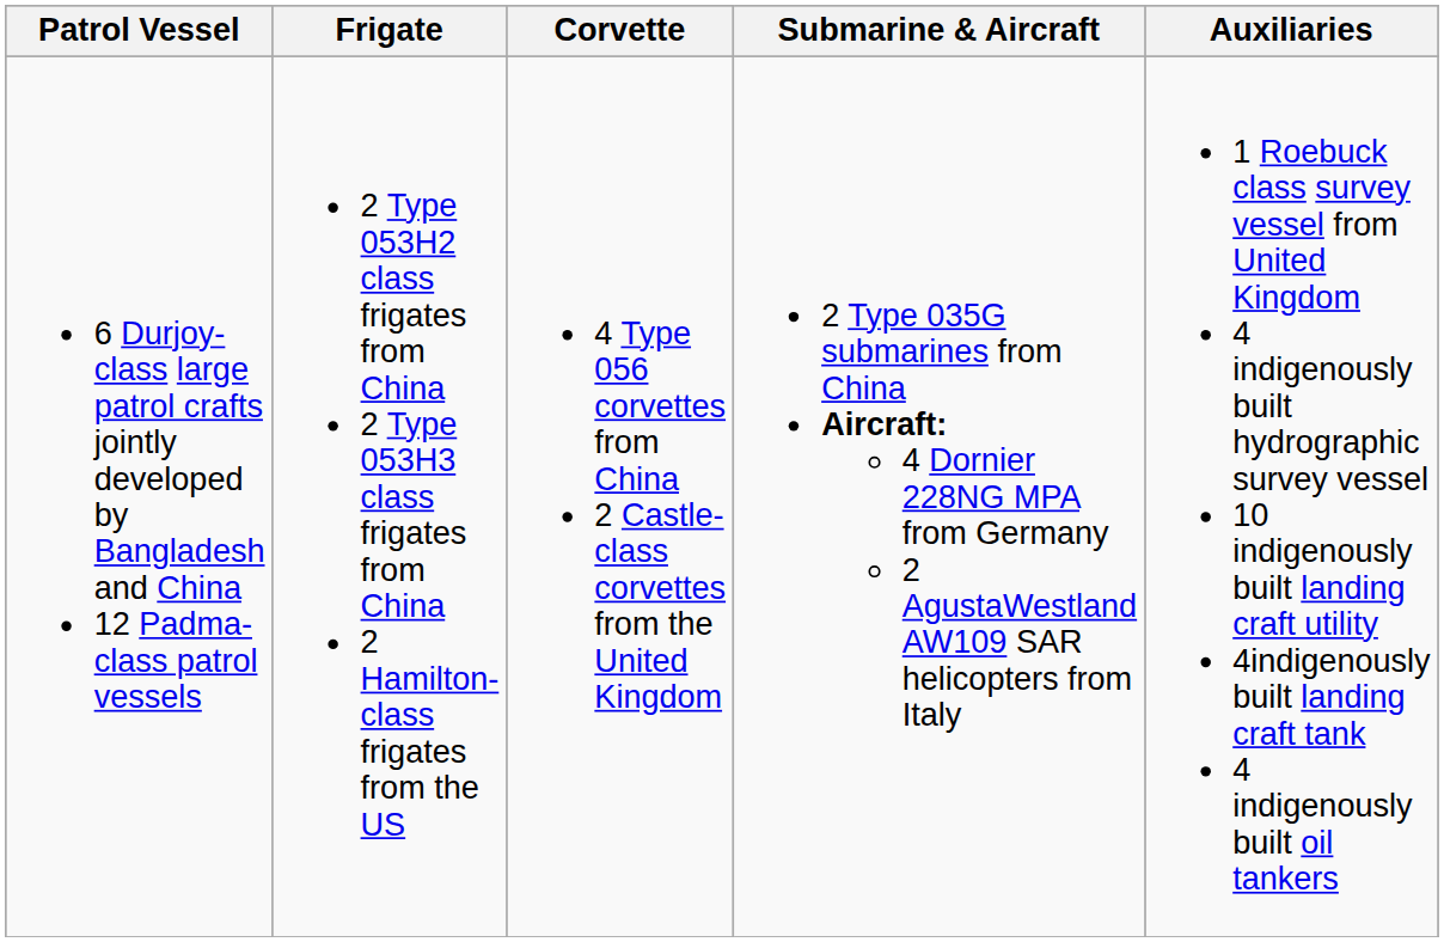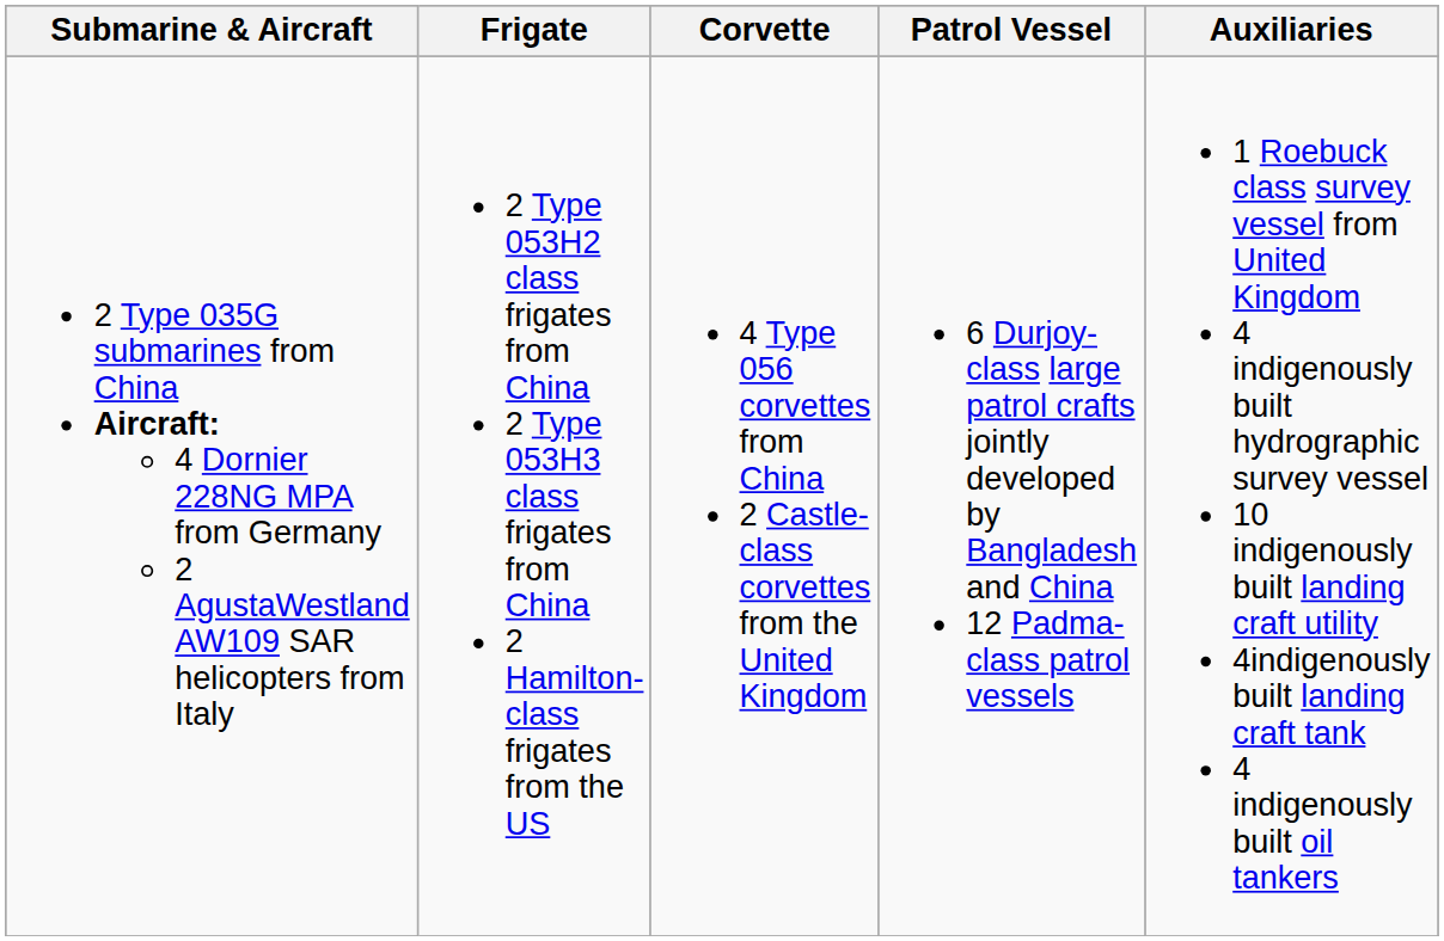 <table class="wikitable">
 <tr>
-<th>Patrol Vessel</th>
+<th>Submarine & Aircraft</th>
 <th>Frigate</th>
 <th>Corvette</th>
-<th>Submarine & Aircraft</th>
+<th>Patrol Vessel</th>
 <th>Auxiliaries</th>
 </tr>
 <tr>
-<td><br><ul><li>6 <a href='#'>Durjoy-class</a> <a href='#'>large patrol crafts</a> jointly developed by <a href='#'>Bangladesh</a> and <a href='#'>China</a></li><li>12 <a href='#'>Padma-class patrol vessels</a></li></ul></td>
+<td><br><ul><li>2 <a href='#'>Type 035G submarines</a> from <a href='#'>China</a></li><li><strong>Aircraft:</strong><ul><li>4 <a href='#'>Dornier 228NG MPA</a> from Germany</li><li>2 <a href='#'>AgustaWestland AW109</a> SAR helicopters from Italy</li></ul></li></ul></td>
 <td><br><ul><li>2 <a href='#'>Type 053H2 class</a> frigates from <a href='#'>China</a></li><li>2 <a href='#'>Type 053H3 class</a> frigates from <a href='#'>China</a></li><li>2 <a href='#'>Hamilton-class</a> frigates from the <a href='#'>US</a></li></ul></td>
 <td><br><ul><li>4 <a href='#'>Type 056 corvettes</a> from <a href='#'>China</a></li><li>2 <a href='#'>Castle-class corvettes</a> from the <a href='#'>United Kingdom</a></li></ul></td>
-<td><br><ul><li>2 <a href='#'>Type 035G submarines</a> from <a href='#'>China</a></li><li><strong>Aircraft:</strong><ul><li>4 <a href='#'>Dornier 228NG MPA</a> from Germany</li><li>2 <a href='#'>AgustaWestland AW109</a> SAR helicopters from Italy</li></ul></li></ul></td>
+<td><br><ul><li>6 <a href='#'>Durjoy-class</a> <a href='#'>large patrol crafts</a> jointly developed by <a href='#'>Bangladesh</a> and <a href='#'>China</a></li><li>12 <a href='#'>Padma-class patrol vessels</a></li></ul></td>
 <td><br><ul><li>1 <a href='#'>Roebuck class</a> <a href='#'>survey vessel</a> from <a href='#'>United Kingdom</a></li><li>4 indigenously built hydrographic survey vessel</li><li>10 indigenously built <a href='#'>landing craft utility</a></li><li>4indigenously built <a href='#'>landing craft tank</a></li><li>4 indigenously built <a href='#'>oil tankers</a></li></ul></td>
 </tr>
 </table>
